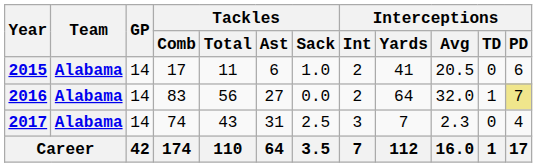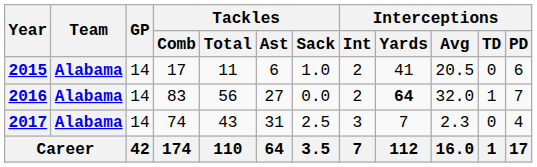 <table class="wikitable" style="text-align:center;">
 <tr>
 <th rowspan="2">Year</th>
 <th rowspan="2">Team</th>
 <th rowspan="2">GP</th>
 <th colspan="4">Tackles</th>
 <th colspan="5">Interceptions</th>
 </tr>
 <tr>
 <th>Comb</th>
 <th>Total</th>
 <th>Ast</th>
 <th>Sack</th>
 <th>Int</th>
 <th>Yards</th>
 <th>Avg</th>
 <th>TD</th>
 <th>PD</th>
 </tr>
 <tr>
 <th><a href='#'>2015</a></th>
 <th><a href='#'>Alabama</a></th>
 <td>14</td>
 <td>17</td>
 <td>11</td>
 <td>6</td>
 <td>1.0</td>
 <td>2</td>
 <td>41</td>
 <td>20.5</td>
 <td>0</td>
 <td>6</td>
 </tr>
 <tr>
 <th><a href='#'>2016</a></th>
 <th><a href='#'>Alabama</a></th>
 <td>14</td>
 <td>83</td>
 <td>56</td>
 <td>27</td>
 <td>0.0</td>
 <td>2</td>
-<td>64</td>
+<td><strong>64</strong></td>
 <td>32.0</td>
 <td>1</td>
-<td style="background: khaki;">7</td>
+<td>7</td>
 </tr>
 <tr>
 <th><a href='#'>2017</a></th>
 <th><a href='#'>Alabama</a></th>
 <td>14</td>
 <td>74</td>
 <td>43</td>
 <td>31</td>
 <td>2.5</td>
 <td>3</td>
 <td>7</td>
 <td>2.3</td>
 <td>0</td>
 <td>4</td>
 </tr>
 <tr>
 <th colspan="2">Career</th>
 <th>42</th>
 <th>174</th>
 <th>110</th>
 <th>64</th>
 <th>3.5</th>
 <th>7</th>
 <th>112</th>
 <th>16.0</th>
 <th>1</th>
 <th>17</th>
 </tr>
 </table>
